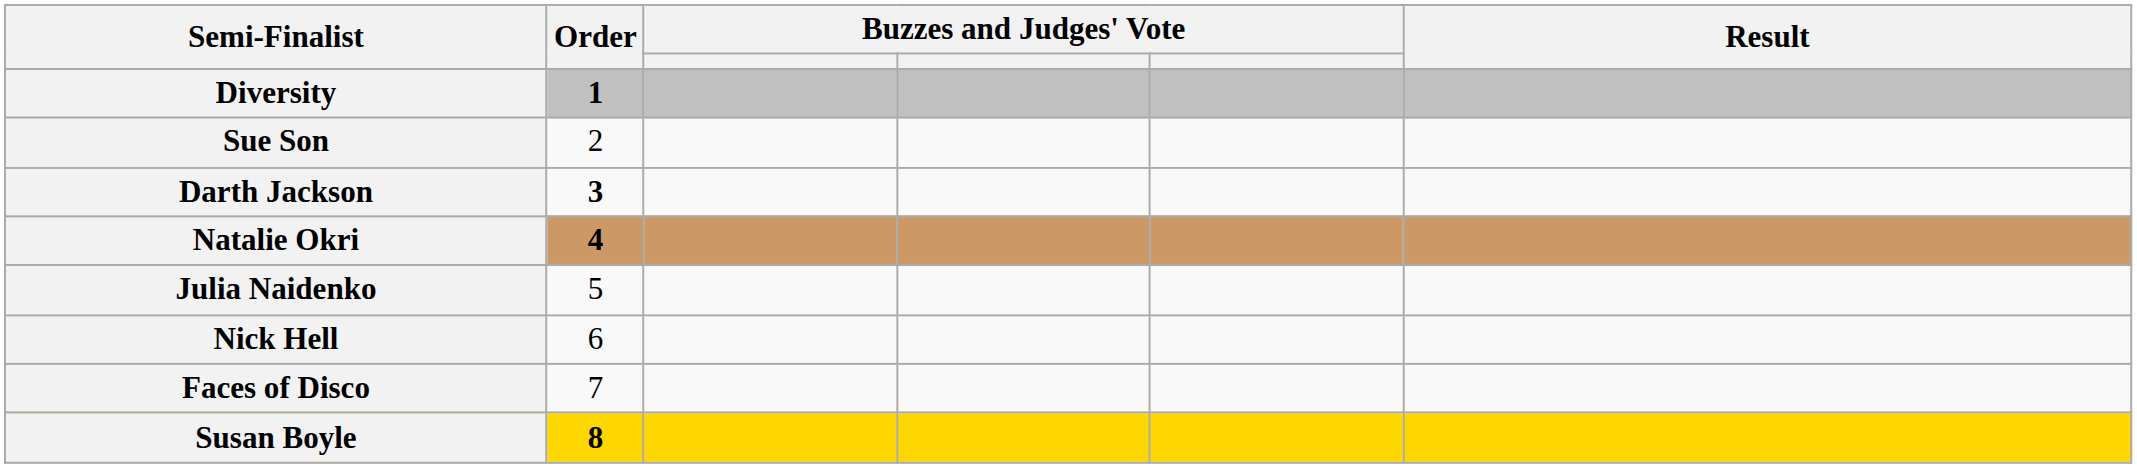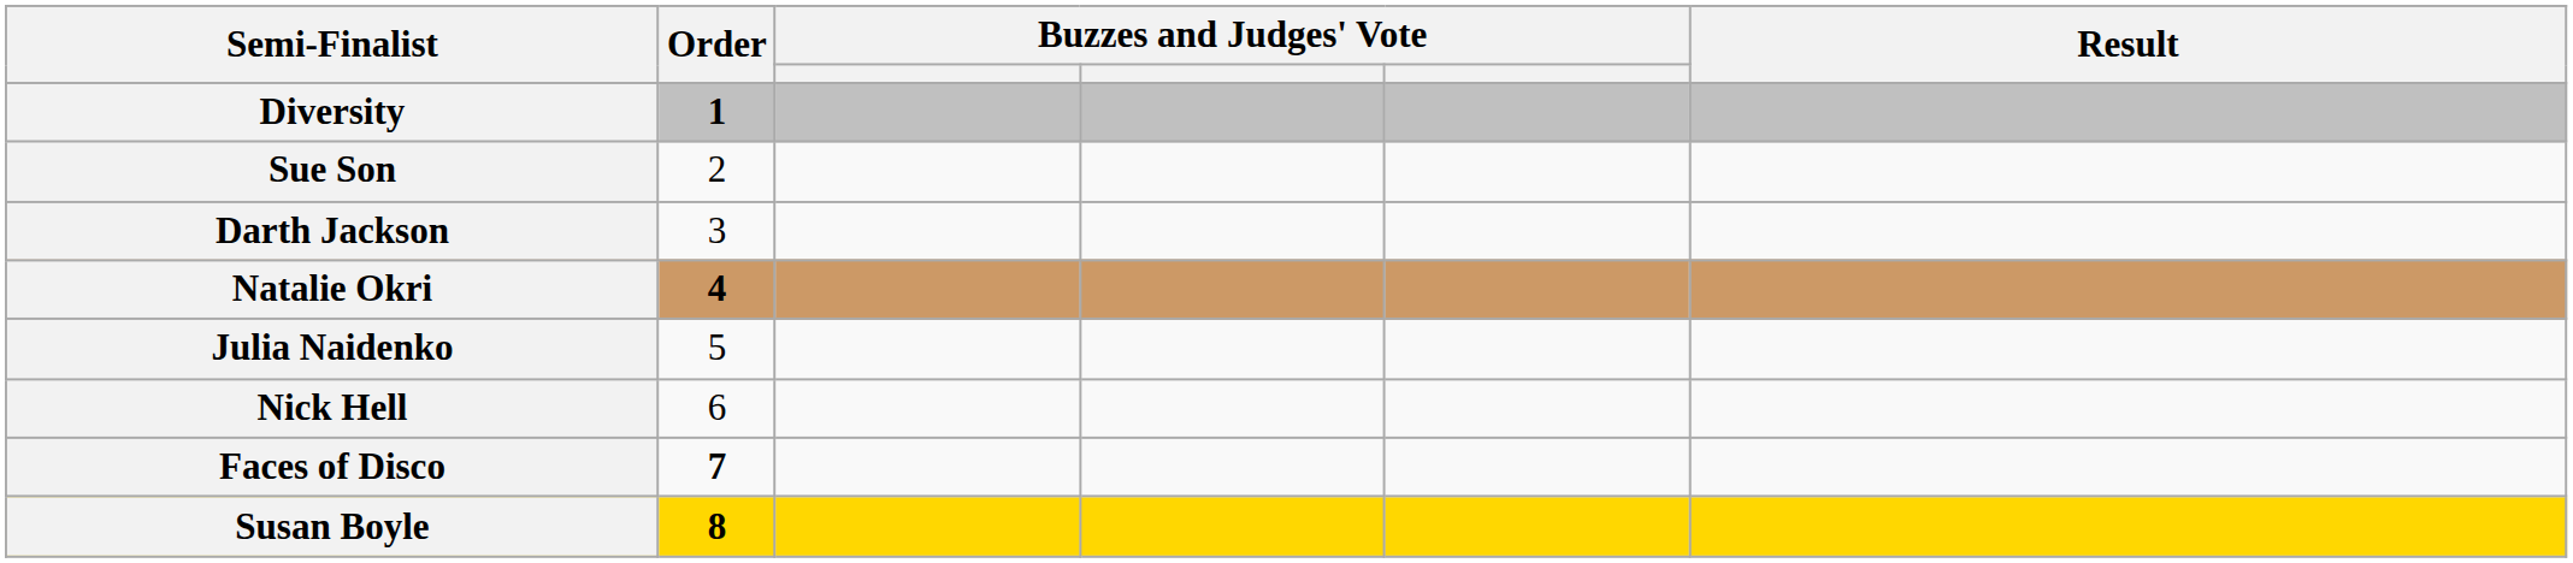 <table class="wikitable plainrowheaders sortable" style="text-align:center;">
 <tr>
 <th scope="col" rowspan=2 class="unsortable" style="width:17em;">Semi-Finalist</th>
 <th scope="col" rowspan=2 style="width:1em;">Order</th>
 <th scope="col" colspan=3 class="unsortable" style="width:24em;">Buzzes and Judges' Vote</th>
 <th scope="col" rowspan=2 style="width:23em;">Result </th>
 </tr>
 <tr>
 <th scope="col" class="unsortable" style="width:6em;"></th>
 <th scope="col" class="unsortable" style="width:6em;"></th>
 <th scope="col" class="unsortable" style="width:6em;"></th>
 </tr>
 <tr bgcolor=silver>
 <th scope="row"><strong>Diversity</strong></th>
 <td><strong>1</strong></td>
 <td style="text-align:center;"></td>
 <td style="text-align:center;"></td>
 <td style="text-align:center;"></td>
 <td><strong></strong></td>
 </tr>
 <tr>
 <th scope="row">Sue Son</th>
 <td>2</td>
 <td style="text-align:center;"></td>
 <td style="text-align:center;"></td>
 <td style="text-align:center;"></td>
 <td></td>
 </tr>
 <tr>
 <th scope="row">Darth Jackson</th>
-<td><strong>3</strong></td>
+<td>3</td>
 <td style="text-align:center;"></td>
 <td style="text-align:center;"></td>
 <td style="text-align:center;"></td>
 <td></td>
 </tr>
 <tr bgcolor=#c96>
 <th scope="row"><strong>Natalie Okri</strong></th>
 <td><strong>4</strong></td>
 <td style="text-align:center;"></td>
 <td style="text-align:center;"></td>
 <td style="text-align:center;"></td>
 <td><strong></strong></td>
 </tr>
 <tr>
 <th scope="row">Julia Naidenko</th>
 <td>5</td>
 <td style="text-align:center;"></td>
 <td style="text-align:center;"></td>
 <td style="text-align:center;"></td>
 <td></td>
 </tr>
 <tr>
 <th scope="row">Nick Hell</th>
 <td>6</td>
 <td style="text-align:center;"></td>
 <td style="text-align:center;"></td>
 <td style="text-align:center;"></td>
 <td></td>
 </tr>
 <tr>
 <th scope="row">Faces of Disco</th>
-<td>7</td>
+<td><strong>7</strong></td>
 <td style="text-align:center;"></td>
 <td style="text-align:center;"></td>
 <td style="text-align:center;"></td>
 <td></td>
 </tr>
 <tr bgcolor=gold>
 <th scope="row"><strong>Susan Boyle</strong></th>
 <td><strong>8</strong></td>
 <td style="text-align:center;"></td>
 <td style="text-align:center;"></td>
 <td style="text-align:center;"></td>
 <td><strong></strong></td>
 </tr>
 </table>
